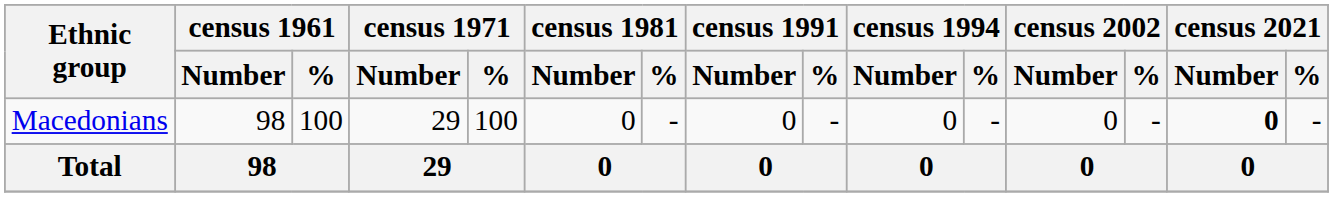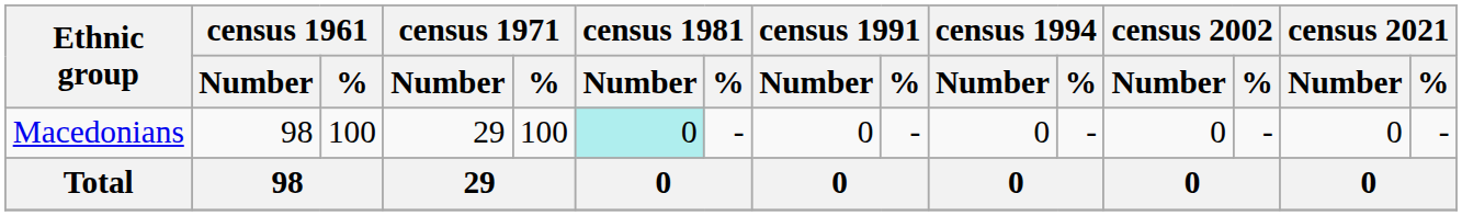 <table class="wikitable">
 <tr>
 <th rowspan="2">Ethnic<br>group</th>
 <th colspan="2">census 1961</th>
 <th colspan="2">census 1971</th>
 <th colspan="2">census 1981</th>
 <th colspan="2">census 1991</th>
 <th colspan="2">census 1994</th>
 <th colspan="2">census 2002</th>
 <th colspan="2">census 2021</th>
 </tr>
 <tr bgcolor="#e0e0e0">
 <th>Number</th>
 <th>%</th>
 <th>Number</th>
 <th>%</th>
 <th>Number</th>
 <th>%</th>
 <th>Number</th>
 <th>%</th>
 <th>Number</th>
 <th>%</th>
 <th>Number</th>
 <th>%</th>
 <th>Number</th>
 <th>%</th>
 </tr>
 <tr>
 <td><a href='#'>Macedonians</a></td>
 <td align="right">98</td>
 <td align="right">100</td>
 <td align="right">29</td>
 <td align="right">100</td>
+<td align="right" style="background: paleturquoise;">0</td>
+<td align="right">-</td>
 <td align="right">0</td>
 <td align="right">-</td>
 <td align="right">0</td>
 <td align="right">-</td>
 <td align="right">0</td>
 <td align="right">-</td>
 <td align="right">0</td>
-<td align="right">-</td>
-<td align="right"><strong>0</strong></td>
 <td align="right">-</td>
 </tr>
 <tr bgcolor="#e0e0e0">
 <th align="left">Total</th>
 <th colspan="2">98</th>
 <th colspan="2">29</th>
 <th colspan="2">0</th>
 <th colspan="2">0</th>
 <th colspan="2">0</th>
 <th colspan="2">0</th>
 <th colspan="2">0</th>
 </tr>
 <tr>
 </tr>
 </table>
